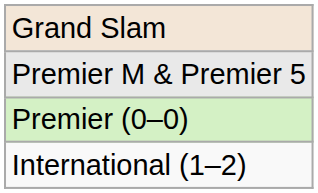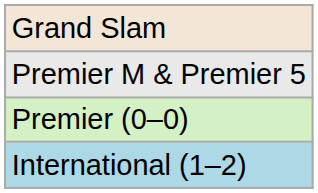 <table class="wikitable" style="font-size:90%;">
 <tr>
 <td style="background:#f3e6d7;">Grand Slam</td>
 </tr>
 <tr>
 <td style="background:#e9e9e9;">Premier M & Premier 5</td>
 </tr>
 <tr>
 <td style="background:#d4f1c5;">Premier (0–0)</td>
 </tr>
 <tr>
-<td>International (1–2)</td>
+<td style="background: lightblue;">International (1–2)</td>
 </tr>
 </table>
